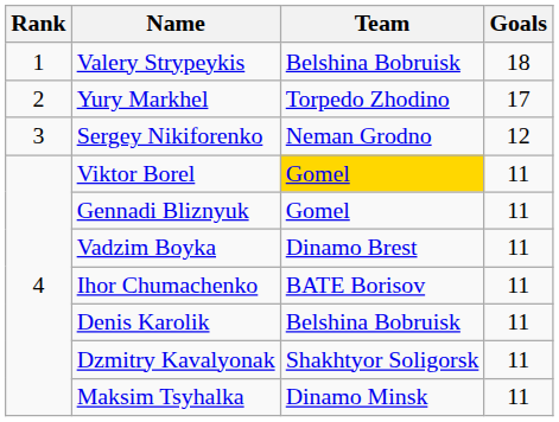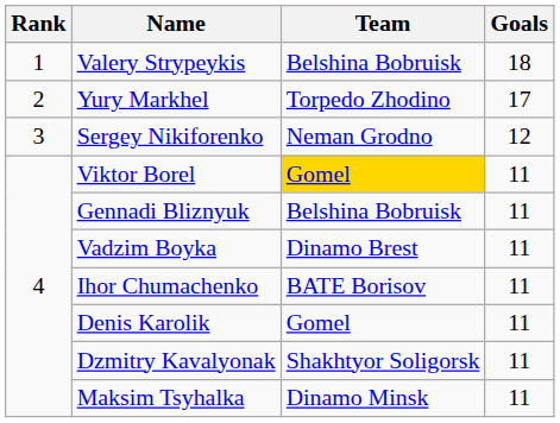 <table class="wikitable" style="text-align:left">
 <tr>
 <th>Rank</th>
 <th>Name</th>
 <th>Team</th>
 <th>Goals</th>
 </tr>
 <tr>
 <td align="center">1</td>
 <td> <a href='#'>Valery Strypeykis</a></td>
 <td><a href='#'>Belshina Bobruisk</a></td>
 <td align="center">18</td>
 </tr>
 <tr>
 <td align="center">2</td>
 <td> <a href='#'>Yury Markhel</a></td>
 <td><a href='#'>Torpedo Zhodino</a></td>
 <td align="center">17</td>
 </tr>
 <tr>
 <td align="center">3</td>
 <td> <a href='#'>Sergey Nikiforenko</a></td>
 <td><a href='#'>Neman Grodno</a></td>
 <td align="center">12</td>
 </tr>
 <tr>
 <td align="center" rowspan="7">4</td>
 <td> <a href='#'>Viktor Borel</a></td>
 <td style="background: gold;"><a href='#'>Gomel</a></td>
 <td align="center">11</td>
 </tr>
 <tr>
 <td> <a href='#'>Gennadi Bliznyuk</a></td>
-<td><a href='#'>Gomel</a></td>
+<td><a href='#'>Belshina Bobruisk</a></td>
 <td align="center">11</td>
 </tr>
 <tr>
 <td> <a href='#'>Vadzim Boyka</a></td>
 <td><a href='#'>Dinamo Brest</a></td>
 <td align="center">11</td>
 </tr>
 <tr>
 <td> <a href='#'>Ihor Chumachenko</a></td>
 <td><a href='#'>BATE Borisov</a></td>
 <td align="center">11</td>
 </tr>
 <tr>
 <td> <a href='#'>Denis Karolik</a></td>
-<td><a href='#'>Belshina Bobruisk</a></td>
+<td><a href='#'>Gomel</a></td>
 <td align="center">11</td>
 </tr>
 <tr>
 <td> <a href='#'>Dzmitry Kavalyonak</a></td>
 <td><a href='#'>Shakhtyor Soligorsk</a></td>
 <td align="center">11</td>
 </tr>
 <tr>
 <td> <a href='#'>Maksim Tsyhalka</a></td>
 <td><a href='#'>Dinamo Minsk</a></td>
 <td align="center">11</td>
 </tr>
 </table>
